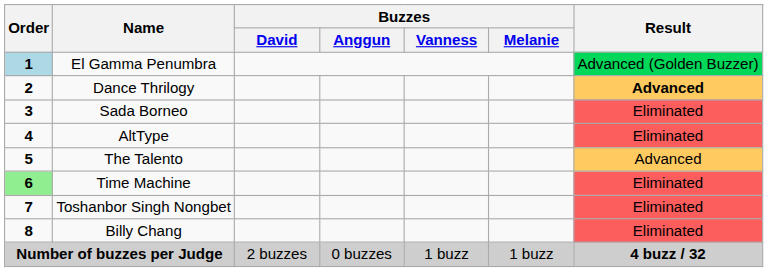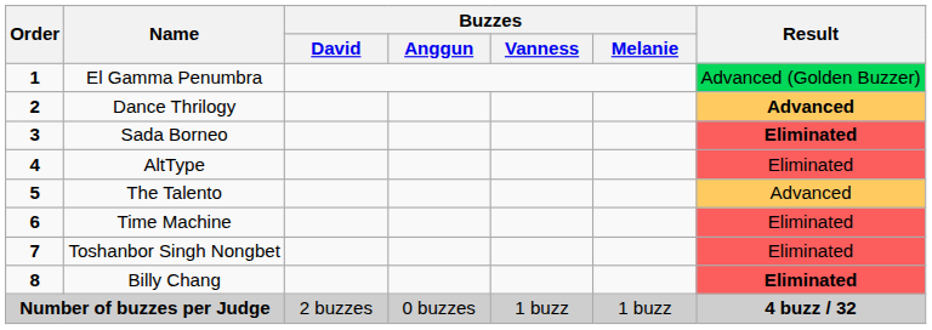 <table class="wikitable" style="font-size:85%; text-align:center">
 <tr>
 <th rowspan="2">Order</th>
 <th rowspan="2">Name</th>
 <th colspan="4">Buzzes</th>
 <th rowspan="2">Result</th>
 </tr>
 <tr>
 <th width="70"><a href='#'>David</a></th>
 <th width="70"><a href='#'>Anggun</a></th>
 <th width="70"><a href='#'>Vanness</a></th>
 <th width="70"><a href='#'>Melanie</a></th>
 </tr>
 <tr>
-<td style="background: lightblue;"><strong>1</strong></td>
+<td><strong>1</strong></td>
 <td>El Gamma Penumbra</td>
 <td colspan="4"></td>
 <td style="background:#01D758">Advanced (Golden Buzzer)</td>
 </tr>
 <tr>
 <td><strong>2</strong></td>
 <td>Dance Thrilogy</td>
 <td></td>
 <td></td>
 <td></td>
 <td></td>
 <td style="background:#FFCB60"><strong>Advanced</strong></td>
 </tr>
 <tr>
 <td><strong>3</strong></td>
 <td>Sada Borneo</td>
 <td style="text-align:center;"></td>
 <td></td>
 <td></td>
 <td></td>
-<td style="background:#FC5D5D">Eliminated</td>
+<td style="background:#FC5D5D"><strong>Eliminated</strong></td>
 </tr>
 <tr>
 <td><strong>4</strong></td>
 <td>AltType</td>
 <td style="text-align:center;"></td>
 <td></td>
 <td style="text-align:center;"></td>
 <td style="text-align:center;"></td>
 <td style="background:#FC5D5D">Eliminated</td>
 </tr>
 <tr>
 <td><strong>5</strong></td>
 <td>The Talento</td>
 <td></td>
 <td></td>
 <td></td>
 <td></td>
 <td style="background:#FFCB60">Advanced</td>
 </tr>
 <tr>
-<td style="background: lightgreen;"><strong>6</strong></td>
+<td><strong>6</strong></td>
 <td>Time Machine</td>
 <td></td>
 <td></td>
 <td></td>
 <td></td>
 <td style="background:#FC5D5D">Eliminated</td>
 </tr>
 <tr>
 <td><strong>7</strong></td>
 <td>Toshanbor Singh Nongbet</td>
 <td></td>
 <td></td>
 <td></td>
 <td></td>
 <td style="background:#FC5D5D">Eliminated</td>
 </tr>
 <tr>
 <td><strong>8</strong></td>
 <td>Billy Chang</td>
 <td></td>
 <td></td>
 <td></td>
 <td></td>
-<td style="background:#FC5D5D">Eliminated</td>
+<td style="background:#FC5D5D"><strong>Eliminated</strong></td>
 </tr>
 <tr>
 <td colspan="2" style="background:#CECECE"><strong>Number of buzzes per Judge</strong></td>
 <td style="background:#CECECE">2 buzzes</td>
 <td style="background:#CECECE">0 buzzes</td>
 <td style="background:#CECECE">1 buzz</td>
 <td style="background:#CECECE">1 buzz</td>
 <td style="background:#CECECE"><strong>4 buzz / 32</strong></td>
 </tr>
 </table>
